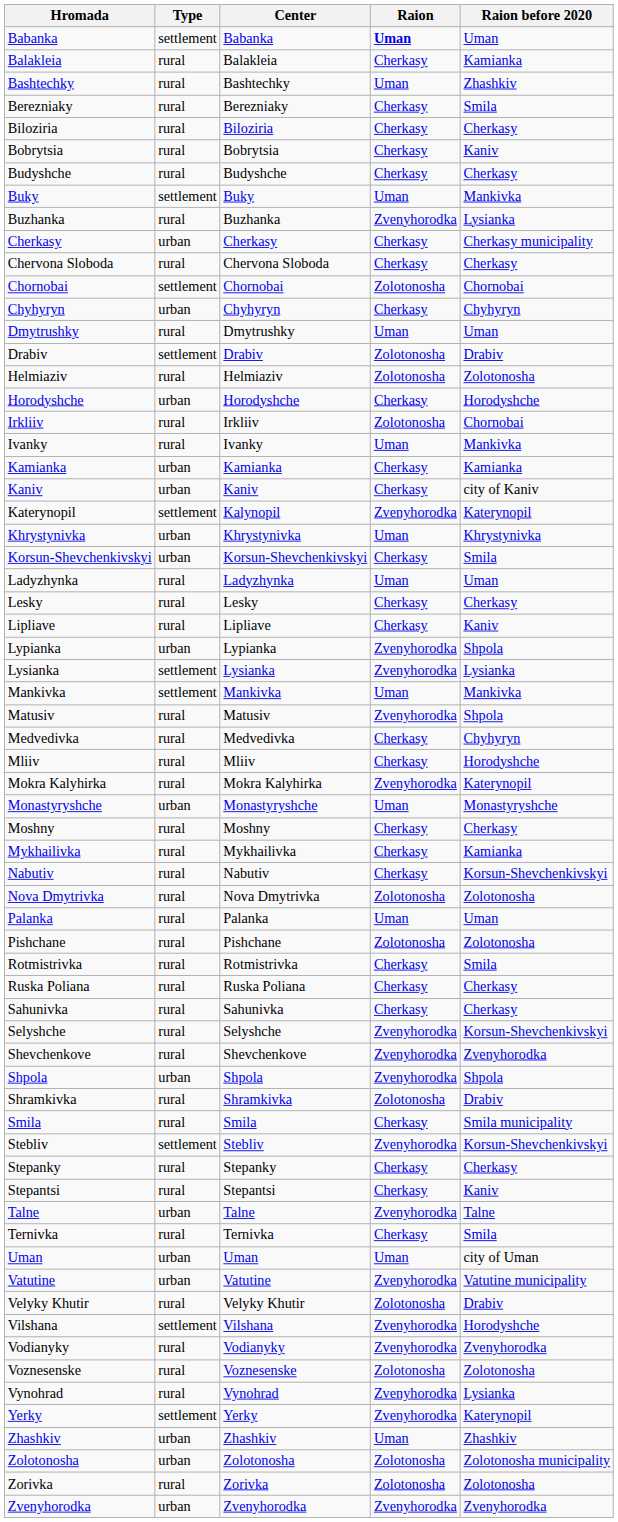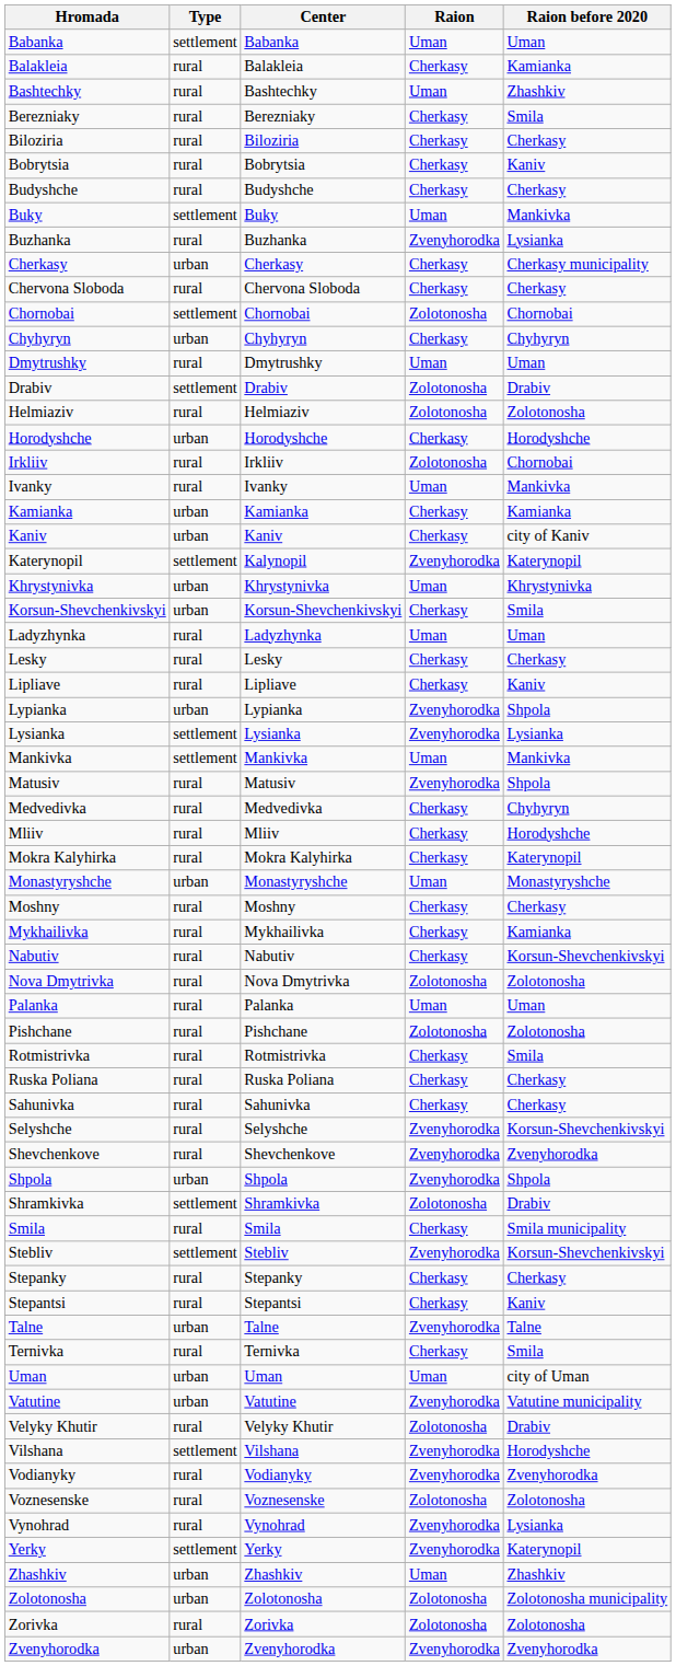 <table class='wikitable sortable'>
 <tr>
 <th>Hromada</th>
 <th>Type</th>
 <th>Center</th>
 <th>Raion</th>
 <th>Raion before 2020</th>
 </tr>
 <tr>
 <td><a href='#'>Babanka</a></td>
 <td>settlement</td>
 <td><a href='#'>Babanka</a></td>
-<td><strong><a href='#'>Uman</a></strong></td>
+<td><a href='#'>Uman</a></td>
 <td><a href='#'>Uman</a></td>
 </tr>
 <tr>
 <td><a href='#'>Balakleia</a></td>
 <td>rural</td>
 <td>Balakleia</td>
 <td><a href='#'>Cherkasy</a></td>
 <td><a href='#'>Kamianka</a></td>
 </tr>
 <tr>
 <td><a href='#'>Bashtechky</a></td>
 <td>rural</td>
 <td>Bashtechky</td>
 <td><a href='#'>Uman</a></td>
 <td><a href='#'>Zhashkiv</a></td>
 </tr>
 <tr>
 <td>Berezniaky</td>
 <td>rural</td>
 <td>Berezniaky</td>
 <td><a href='#'>Cherkasy</a></td>
 <td><a href='#'>Smila</a></td>
 </tr>
 <tr>
 <td>Biloziria</td>
 <td>rural</td>
 <td><a href='#'>Biloziria</a></td>
 <td><a href='#'>Cherkasy</a></td>
 <td><a href='#'>Cherkasy</a></td>
 </tr>
 <tr>
 <td>Bobrytsia</td>
 <td>rural</td>
 <td>Bobrytsia</td>
 <td><a href='#'>Cherkasy</a></td>
 <td><a href='#'>Kaniv</a></td>
 </tr>
 <tr>
 <td>Budyshche</td>
 <td>rural</td>
 <td>Budyshche</td>
 <td><a href='#'>Cherkasy</a></td>
 <td><a href='#'>Cherkasy</a></td>
 </tr>
 <tr>
 <td><a href='#'>Buky</a></td>
 <td>settlement</td>
 <td><a href='#'>Buky</a></td>
 <td><a href='#'>Uman</a></td>
 <td><a href='#'>Mankivka</a></td>
 </tr>
 <tr>
 <td>Buzhanka</td>
 <td>rural</td>
 <td>Buzhanka</td>
 <td><a href='#'>Zvenyhorodka</a></td>
 <td><a href='#'>Lysianka</a></td>
 </tr>
 <tr>
 <td><a href='#'>Cherkasy</a></td>
 <td>urban</td>
 <td><a href='#'>Cherkasy</a></td>
 <td><a href='#'>Cherkasy</a></td>
 <td><a href='#'>Cherkasy municipality</a></td>
 </tr>
 <tr>
 <td>Chervona Sloboda</td>
 <td>rural</td>
 <td>Chervona Sloboda</td>
 <td><a href='#'>Cherkasy</a></td>
 <td><a href='#'>Cherkasy</a></td>
 </tr>
 <tr>
 <td><a href='#'>Chornobai</a></td>
 <td>settlement</td>
 <td><a href='#'>Chornobai</a></td>
 <td><a href='#'>Zolotonosha</a></td>
 <td><a href='#'>Chornobai</a></td>
 </tr>
 <tr>
 <td><a href='#'>Chyhyryn</a></td>
 <td>urban</td>
 <td><a href='#'>Chyhyryn</a></td>
 <td><a href='#'>Cherkasy</a></td>
 <td><a href='#'>Chyhyryn</a></td>
 </tr>
 <tr>
 <td><a href='#'>Dmytrushky</a></td>
 <td>rural</td>
 <td>Dmytrushky</td>
 <td><a href='#'>Uman</a></td>
 <td><a href='#'>Uman</a></td>
 </tr>
 <tr>
 <td>Drabiv</td>
 <td>settlement</td>
 <td><a href='#'>Drabiv</a></td>
 <td><a href='#'>Zolotonosha</a></td>
 <td><a href='#'>Drabiv</a></td>
 </tr>
 <tr>
 <td>Helmiaziv</td>
 <td>rural</td>
 <td>Helmiaziv</td>
 <td><a href='#'>Zolotonosha</a></td>
 <td><a href='#'>Zolotonosha</a></td>
 </tr>
 <tr>
 <td><a href='#'>Horodyshche</a></td>
 <td>urban</td>
 <td><a href='#'>Horodyshche</a></td>
 <td><a href='#'>Cherkasy</a></td>
 <td><a href='#'>Horodyshche</a></td>
 </tr>
 <tr>
 <td><a href='#'>Irkliiv</a></td>
 <td>rural</td>
 <td>Irkliiv</td>
 <td><a href='#'>Zolotonosha</a></td>
 <td><a href='#'>Chornobai</a></td>
 </tr>
 <tr>
 <td>Ivanky</td>
 <td>rural</td>
 <td>Ivanky</td>
 <td><a href='#'>Uman</a></td>
 <td><a href='#'>Mankivka</a></td>
 </tr>
 <tr>
 <td><a href='#'>Kamianka</a></td>
 <td>urban</td>
 <td><a href='#'>Kamianka</a></td>
 <td><a href='#'>Cherkasy</a></td>
 <td><a href='#'>Kamianka</a></td>
 </tr>
 <tr>
 <td><a href='#'>Kaniv</a></td>
 <td>urban</td>
 <td><a href='#'>Kaniv</a></td>
 <td><a href='#'>Cherkasy</a></td>
 <td>city of Kaniv</td>
 </tr>
 <tr>
 <td>Katerynopil</td>
 <td>settlement</td>
 <td><a href='#'>Kalynopil</a></td>
 <td><a href='#'>Zvenyhorodka</a></td>
 <td><a href='#'>Katerynopil</a></td>
 </tr>
 <tr>
 <td><a href='#'>Khrystynivka</a></td>
 <td>urban</td>
 <td><a href='#'>Khrystynivka</a></td>
 <td><a href='#'>Uman</a></td>
 <td><a href='#'>Khrystynivka</a></td>
 </tr>
 <tr>
 <td><a href='#'>Korsun-Shevchenkivskyi</a></td>
 <td>urban</td>
 <td><a href='#'>Korsun-Shevchenkivskyi</a></td>
 <td><a href='#'>Cherkasy</a></td>
 <td><a href='#'>Smila</a></td>
 </tr>
 <tr>
 <td>Ladyzhynka</td>
 <td>rural</td>
 <td><a href='#'>Ladyzhynka</a></td>
 <td><a href='#'>Uman</a></td>
 <td><a href='#'>Uman</a></td>
 </tr>
 <tr>
 <td>Lesky</td>
 <td>rural</td>
 <td>Lesky</td>
 <td><a href='#'>Cherkasy</a></td>
 <td><a href='#'>Cherkasy</a></td>
 </tr>
 <tr>
 <td>Lipliave</td>
 <td>rural</td>
 <td>Lipliave</td>
 <td><a href='#'>Cherkasy</a></td>
 <td><a href='#'>Kaniv</a></td>
 </tr>
 <tr>
 <td>Lypianka</td>
 <td>urban</td>
 <td>Lypianka</td>
 <td><a href='#'>Zvenyhorodka</a></td>
 <td><a href='#'>Shpola</a></td>
 </tr>
 <tr>
 <td>Lysianka</td>
 <td>settlement</td>
 <td><a href='#'>Lysianka</a></td>
 <td><a href='#'>Zvenyhorodka</a></td>
 <td><a href='#'>Lysianka</a></td>
 </tr>
 <tr>
 <td>Mankivka</td>
 <td>settlement</td>
 <td><a href='#'>Mankivka</a></td>
 <td><a href='#'>Uman</a></td>
 <td><a href='#'>Mankivka</a></td>
 </tr>
 <tr>
 <td>Matusiv</td>
 <td>rural</td>
 <td>Matusiv</td>
 <td><a href='#'>Zvenyhorodka</a></td>
 <td><a href='#'>Shpola</a></td>
 </tr>
 <tr>
 <td>Medvedivka</td>
 <td>rural</td>
 <td>Medvedivka</td>
 <td><a href='#'>Cherkasy</a></td>
 <td><a href='#'>Chyhyryn</a></td>
 </tr>
 <tr>
 <td>Mliiv</td>
 <td>rural</td>
 <td>Mliiv</td>
 <td><a href='#'>Cherkasy</a></td>
 <td><a href='#'>Horodyshche</a></td>
 </tr>
 <tr>
 <td>Mokra Kalyhirka</td>
 <td>rural</td>
 <td>Mokra Kalyhirka</td>
-<td><a href='#'>Zvenyhorodka</a></td>
+<td><a href='#'>Cherkasy</a></td>
 <td><a href='#'>Katerynopil</a></td>
 </tr>
 <tr>
 <td><a href='#'>Monastyryshche</a></td>
 <td>urban</td>
 <td><a href='#'>Monastyryshche</a></td>
 <td><a href='#'>Uman</a></td>
 <td><a href='#'>Monastyryshche</a></td>
 </tr>
 <tr>
 <td>Moshny</td>
 <td>rural</td>
 <td>Moshny</td>
 <td><a href='#'>Cherkasy</a></td>
 <td><a href='#'>Cherkasy</a></td>
 </tr>
 <tr>
 <td><a href='#'>Mykhailivka</a></td>
 <td>rural</td>
 <td>Mykhailivka</td>
 <td><a href='#'>Cherkasy</a></td>
 <td><a href='#'>Kamianka</a></td>
 </tr>
 <tr>
 <td><a href='#'>Nabutiv</a></td>
 <td>rural</td>
 <td>Nabutiv</td>
 <td><a href='#'>Cherkasy</a></td>
 <td><a href='#'>Korsun-Shevchenkivskyi</a></td>
 </tr>
 <tr>
 <td><a href='#'>Nova Dmytrivka</a></td>
 <td>rural</td>
 <td>Nova Dmytrivka</td>
 <td><a href='#'>Zolotonosha</a></td>
 <td><a href='#'>Zolotonosha</a></td>
 </tr>
 <tr>
 <td><a href='#'>Palanka</a></td>
 <td>rural</td>
 <td>Palanka</td>
 <td><a href='#'>Uman</a></td>
 <td><a href='#'>Uman</a></td>
 </tr>
 <tr>
 <td>Pishchane</td>
 <td>rural</td>
 <td>Pishchane</td>
 <td><a href='#'>Zolotonosha</a></td>
 <td><a href='#'>Zolotonosha</a></td>
 </tr>
 <tr>
 <td>Rotmistrivka</td>
 <td>rural</td>
 <td>Rotmistrivka</td>
 <td><a href='#'>Cherkasy</a></td>
 <td><a href='#'>Smila</a></td>
 </tr>
 <tr>
 <td>Ruska Poliana</td>
 <td>rural</td>
 <td>Ruska Poliana</td>
 <td><a href='#'>Cherkasy</a></td>
 <td><a href='#'>Cherkasy</a></td>
 </tr>
 <tr>
 <td>Sahunivka</td>
 <td>rural</td>
 <td>Sahunivka</td>
 <td><a href='#'>Cherkasy</a></td>
 <td><a href='#'>Cherkasy</a></td>
 </tr>
 <tr>
 <td>Selyshche</td>
 <td>rural</td>
 <td>Selyshche</td>
 <td><a href='#'>Zvenyhorodka</a></td>
 <td><a href='#'>Korsun-Shevchenkivskyi</a></td>
 </tr>
 <tr>
 <td>Shevchenkove</td>
 <td>rural</td>
 <td>Shevchenkove</td>
 <td><a href='#'>Zvenyhorodka</a></td>
 <td><a href='#'>Zvenyhorodka</a></td>
 </tr>
 <tr>
 <td><a href='#'>Shpola</a></td>
 <td>urban</td>
 <td><a href='#'>Shpola</a></td>
 <td><a href='#'>Zvenyhorodka</a></td>
 <td><a href='#'>Shpola</a></td>
 </tr>
 <tr>
 <td>Shramkivka</td>
-<td>rural</td>
+<td>settlement</td>
 <td><a href='#'>Shramkivka</a></td>
 <td><a href='#'>Zolotonosha</a></td>
 <td><a href='#'>Drabiv</a></td>
 </tr>
 <tr>
 <td><a href='#'>Smila</a></td>
 <td>rural</td>
 <td><a href='#'>Smila</a></td>
 <td><a href='#'>Cherkasy</a></td>
 <td><a href='#'>Smila municipality</a></td>
 </tr>
 <tr>
 <td>Stebliv</td>
 <td>settlement</td>
 <td><a href='#'>Stebliv</a></td>
 <td><a href='#'>Zvenyhorodka</a></td>
 <td><a href='#'>Korsun-Shevchenkivskyi</a></td>
 </tr>
 <tr>
 <td>Stepanky</td>
 <td>rural</td>
 <td>Stepanky</td>
 <td><a href='#'>Cherkasy</a></td>
 <td><a href='#'>Cherkasy</a></td>
 </tr>
 <tr>
 <td>Stepantsi</td>
 <td>rural</td>
 <td>Stepantsi</td>
 <td><a href='#'>Cherkasy</a></td>
 <td><a href='#'>Kaniv</a></td>
 </tr>
 <tr>
 <td><a href='#'>Talne</a></td>
 <td>urban</td>
 <td><a href='#'>Talne</a></td>
 <td><a href='#'>Zvenyhorodka</a></td>
 <td><a href='#'>Talne</a></td>
 </tr>
 <tr>
 <td>Ternivka</td>
 <td>rural</td>
 <td>Ternivka</td>
 <td><a href='#'>Cherkasy</a></td>
 <td><a href='#'>Smila</a></td>
 </tr>
 <tr>
 <td><a href='#'>Uman</a></td>
 <td>urban</td>
 <td><a href='#'>Uman</a></td>
 <td><a href='#'>Uman</a></td>
 <td>city of Uman</td>
 </tr>
 <tr>
 <td><a href='#'>Vatutine</a></td>
 <td>urban</td>
 <td><a href='#'>Vatutine</a></td>
 <td><a href='#'>Zvenyhorodka</a></td>
 <td><a href='#'>Vatutine municipality</a></td>
 </tr>
 <tr>
 <td>Velyky Khutir</td>
 <td>rural</td>
 <td>Velyky Khutir</td>
 <td><a href='#'>Zolotonosha</a></td>
 <td><a href='#'>Drabiv</a></td>
 </tr>
 <tr>
 <td>Vilshana</td>
 <td>settlement</td>
 <td><a href='#'>Vilshana</a></td>
 <td><a href='#'>Zvenyhorodka</a></td>
 <td><a href='#'>Horodyshche</a></td>
 </tr>
 <tr>
 <td>Vodianyky</td>
 <td>rural</td>
 <td><a href='#'>Vodianyky</a></td>
 <td><a href='#'>Zvenyhorodka</a></td>
 <td><a href='#'>Zvenyhorodka</a></td>
 </tr>
 <tr>
 <td>Voznesenske</td>
 <td>rural</td>
 <td><a href='#'>Voznesenske</a></td>
 <td><a href='#'>Zolotonosha</a></td>
 <td><a href='#'>Zolotonosha</a></td>
 </tr>
 <tr>
 <td>Vynohrad</td>
 <td>rural</td>
 <td><a href='#'>Vynohrad</a></td>
 <td><a href='#'>Zvenyhorodka</a></td>
 <td><a href='#'>Lysianka</a></td>
 </tr>
 <tr>
 <td><a href='#'>Yerky</a></td>
 <td>settlement</td>
 <td><a href='#'>Yerky</a></td>
 <td><a href='#'>Zvenyhorodka</a></td>
 <td><a href='#'>Katerynopil</a></td>
 </tr>
 <tr>
 <td><a href='#'>Zhashkiv</a></td>
 <td>urban</td>
 <td><a href='#'>Zhashkiv</a></td>
 <td><a href='#'>Uman</a></td>
 <td><a href='#'>Zhashkiv</a></td>
 </tr>
 <tr>
 <td><a href='#'>Zolotonosha</a></td>
 <td>urban</td>
 <td><a href='#'>Zolotonosha</a></td>
 <td><a href='#'>Zolotonosha</a></td>
 <td><a href='#'>Zolotonosha municipality</a></td>
 </tr>
 <tr>
 <td>Zorivka</td>
 <td>rural</td>
 <td><a href='#'>Zorivka</a></td>
 <td><a href='#'>Zolotonosha</a></td>
 <td><a href='#'>Zolotonosha</a></td>
 </tr>
 <tr>
 <td><a href='#'>Zvenyhorodka</a></td>
 <td>urban</td>
 <td><a href='#'>Zvenyhorodka</a></td>
 <td><a href='#'>Zvenyhorodka</a></td>
 <td><a href='#'>Zvenyhorodka</a></td>
 </tr>
 </table>
